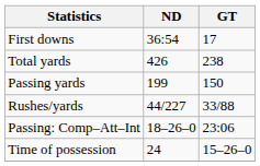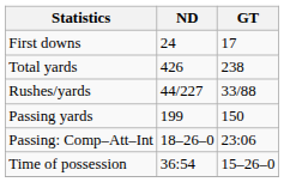 <table class="wikitable" style="float: left;">
 <tr>
 <th>Statistics</th>
 <th>ND</th>
 <th>GT</th>
 </tr>
 <tr>
 <td>First downs</td>
-<td>36:54</td>
+<td>24</td>
 <td>17</td>
 </tr>
 <tr>
 <td>Total yards</td>
 <td>426</td>
 <td>238</td>
 </tr>
 <tr>
+<td>Rushes/yards</td>
+<td>44/227</td>
+<td>33/88</td>
+</tr>
+<tr>
 <td>Passing yards</td>
 <td>199</td>
 <td>150</td>
-</tr>
-<tr>
-<td>Rushes/yards</td>
-<td>44/227</td>
-<td>33/88</td>
 </tr>
 <tr>
 <td>Passing: Comp–Att–Int</td>
 <td>18–26–0</td>
 <td>23:06</td>
 </tr>
 <tr>
 <td>Time of possession</td>
-<td>24</td>
+<td>36:54</td>
 <td>15–26–0</td>
 </tr>
 <tr>
 </tr>
 </table>
